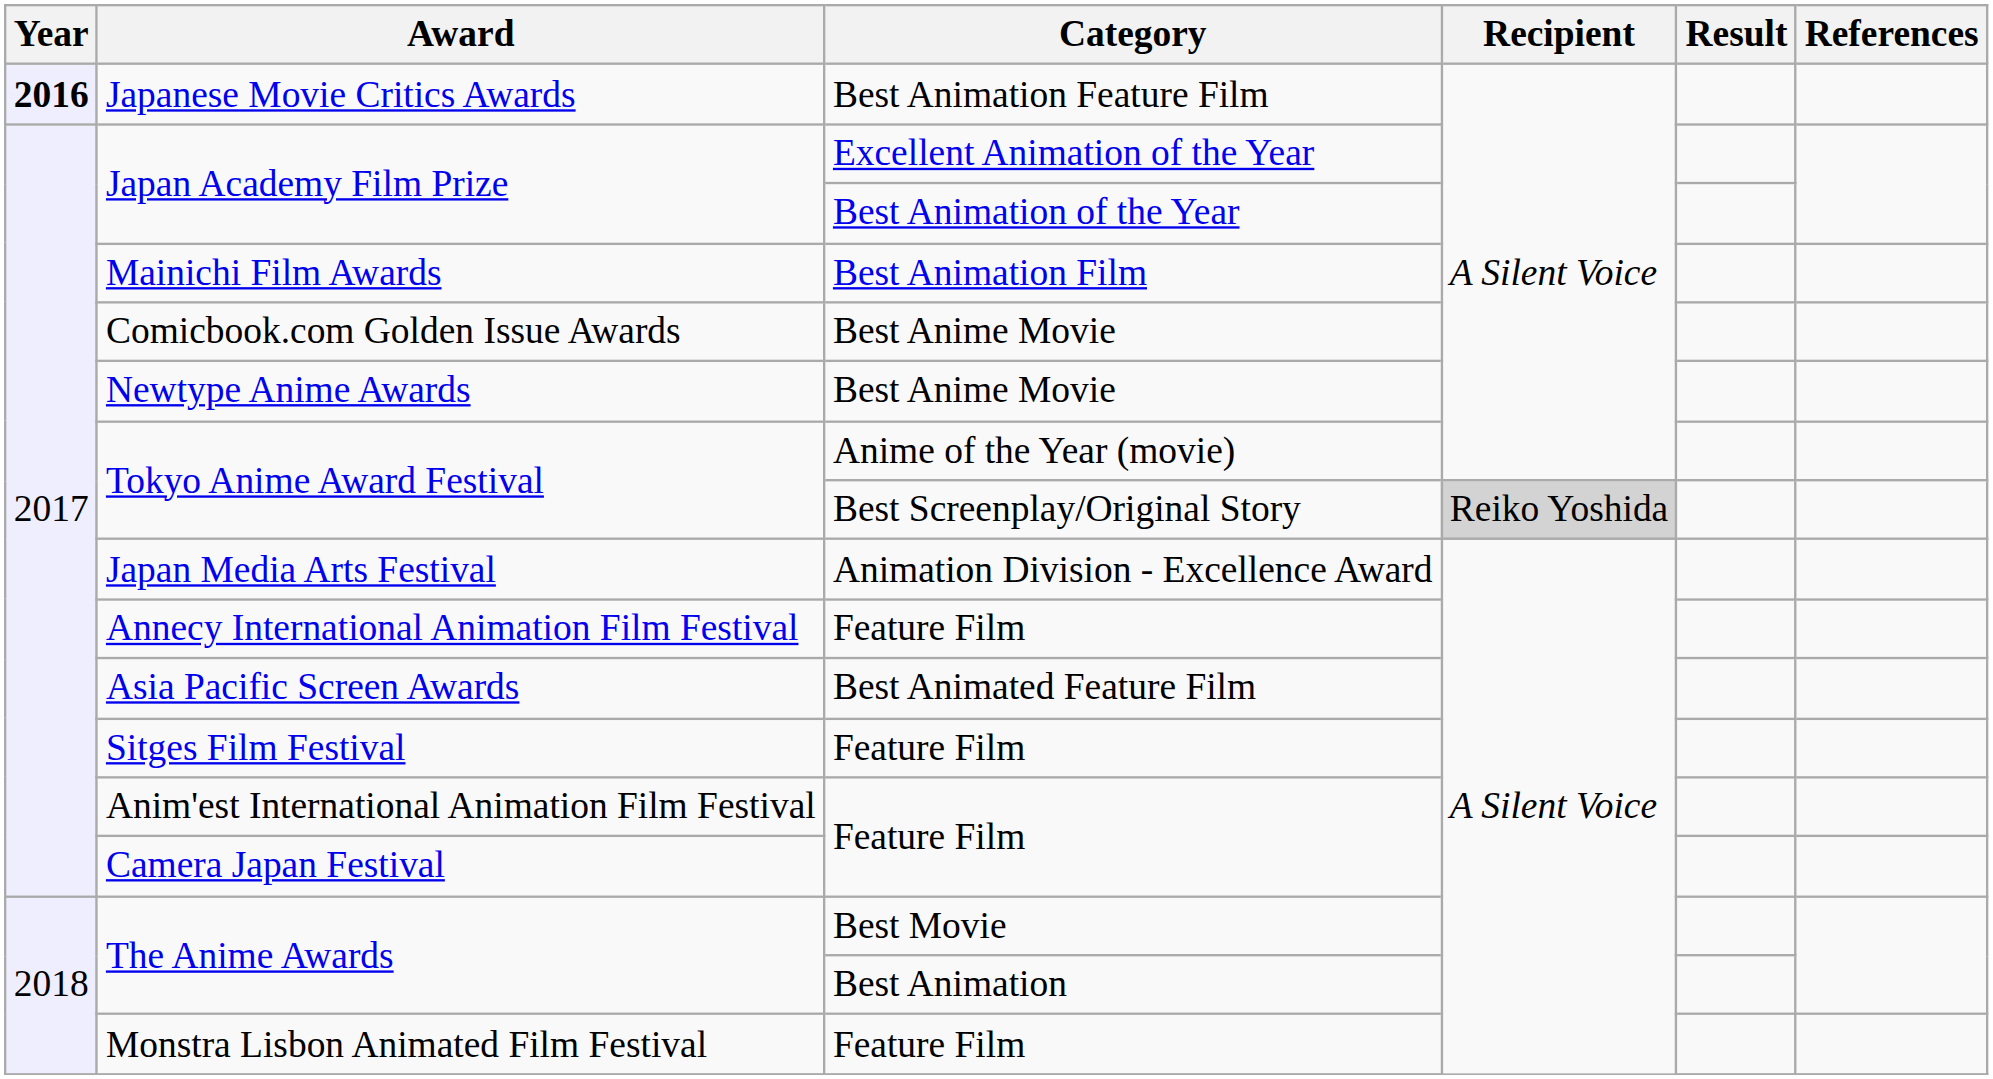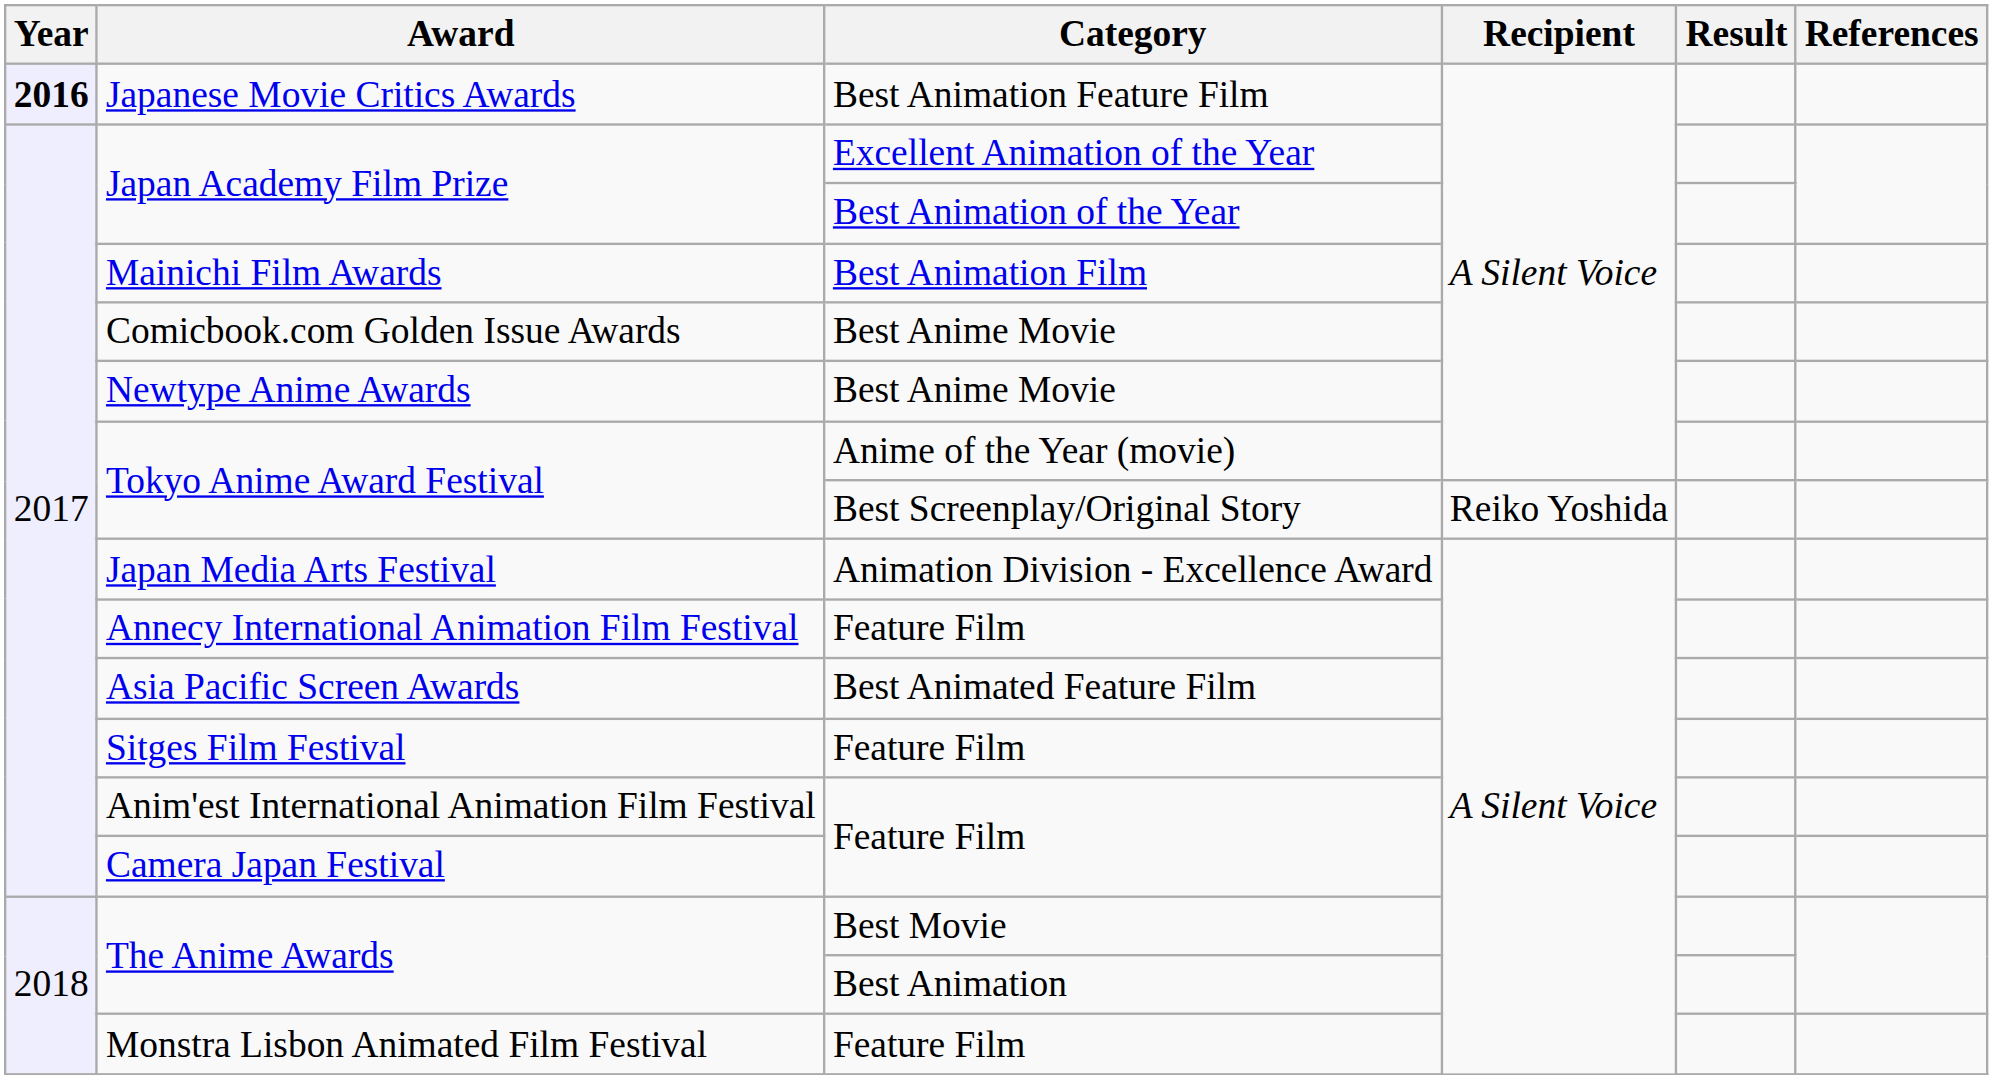 <table class="wikitable">
 <tr>
 <th>Year</th>
 <th>Award</th>
 <th>Category</th>
 <th>Recipient</th>
 <th>Result</th>
 <th>References</th>
 </tr>
 <tr>
 <td style="background:#EEEEFF"><strong>2016</strong></td>
 <td><a href='#'>Japanese Movie Critics Awards</a></td>
 <td>Best Animation Feature Film</td>
 <td rowspan="7"><em>A Silent Voice</em></td>
 <td></td>
 <td></td>
 </tr>
 <tr>
 <td rowspan="13" style="background:#EEEEFF">2017</td>
 <td rowspan="2"><a href='#'>Japan Academy Film Prize</a></td>
 <td><a href='#'>Excellent Animation of the Year</a></td>
 <td></td>
 <td rowspan="2"></td>
 </tr>
 <tr>
 <td><a href='#'>Best Animation of the Year</a></td>
 <td></td>
 </tr>
 <tr>
 <td><a href='#'>Mainichi Film Awards</a></td>
 <td><a href='#'>Best Animation Film</a></td>
 <td></td>
 <td></td>
 </tr>
 <tr>
 <td>Comicbook.com Golden Issue Awards</td>
 <td>Best Anime Movie</td>
 <td></td>
 <td></td>
 </tr>
 <tr>
 <td><a href='#'>Newtype Anime Awards</a></td>
 <td>Best Anime Movie</td>
 <td></td>
 <td></td>
 </tr>
 <tr>
 <td rowspan="2"><a href='#'>Tokyo Anime Award Festival</a></td>
 <td>Anime of the Year (movie)</td>
 <td></td>
 <td></td>
 </tr>
 <tr>
 <td>Best Screenplay/Original Story</td>
-<td style="background: lightgrey;">Reiko Yoshida</td>
+<td>Reiko Yoshida</td>
 <td></td>
 <td></td>
 </tr>
 <tr>
 <td><a href='#'>Japan Media Arts Festival</a></td>
 <td>Animation Division - Excellence Award</td>
 <td rowspan="11"><em>A Silent Voice</em></td>
 <td></td>
 <td></td>
 </tr>
 <tr>
 <td><a href='#'>Annecy International Animation Film Festival</a></td>
 <td>Feature Film</td>
 <td></td>
 <td></td>
 </tr>
 <tr>
 <td><a href='#'>Asia Pacific Screen Awards</a></td>
 <td>Best Animated Feature Film</td>
 <td></td>
 <td></td>
 </tr>
 <tr>
 <td><a href='#'>Sitges Film Festival</a></td>
 <td>Feature Film</td>
 <td></td>
 <td></td>
 </tr>
 <tr>
 <td>Anim'est International Animation Film Festival</td>
 <td rowspan="2">Feature Film</td>
 <td></td>
 <td></td>
 </tr>
 <tr>
 <td><a href='#'>Camera Japan Festival</a></td>
 <td></td>
 <td></td>
 </tr>
 <tr>
 <td rowspan="3" style="background:#EEEEFF">2018</td>
 <td rowspan="2"><a href='#'>The Anime Awards</a></td>
 <td>Best Movie</td>
 <td></td>
 <td rowspan="2"></td>
 </tr>
 <tr>
 <td>Best Animation</td>
 <td></td>
 </tr>
 <tr>
 <td>Monstra Lisbon Animated Film Festival</td>
 <td>Feature Film</td>
 <td></td>
 <td></td>
 </tr>
 <tr>
 </tr>
 </table>
